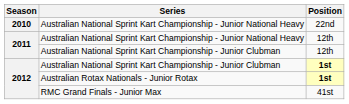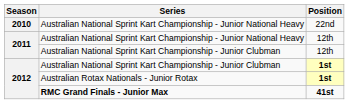 <table class="wikitable" style="font-size: 85%; text-align:center">
 <tr>
 <th>Season</th>
 <th>Series</th>
 <th>Position</th>
 </tr>
 <tr>
 <th>2010</th>
 <td align="left">Australian National Sprint Kart Championship - Junior National Heavy</td>
 <td>22nd</td>
 </tr>
 <tr>
 <th rowspan=2>2011</th>
 <td align="left">Australian National Sprint Kart Championship - Junior National Heavy</td>
 <td>12th</td>
 </tr>
 <tr>
 <td align="left">Australian National Sprint Kart Championship - Junior Clubman</td>
 <td>12th</td>
 </tr>
 <tr>
 <th rowspan=3>2012</th>
 <td align="left">Australian National Sprint Kart Championship - Junior Clubman</td>
 <td style="background:#FFFFBF"><strong>1st</strong></td>
 </tr>
 <tr>
 <td align="left">Australian Rotax Nationals - Junior Rotax</td>
 <td style="background:#FFFFBF"><strong>1st</strong></td>
 </tr>
 <tr>
-<td align="left">RMC Grand Finals - Junior Max</td>
-<td>41st</td>
+<td align="left"><strong>RMC Grand Finals - Junior Max</strong></td>
+<td><strong>41st</strong></td>
 </tr>
 </table>
